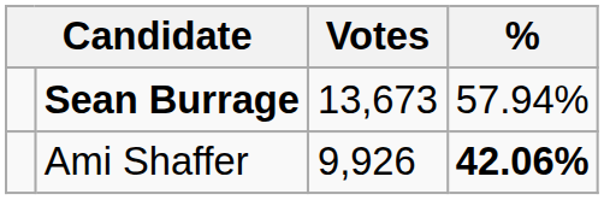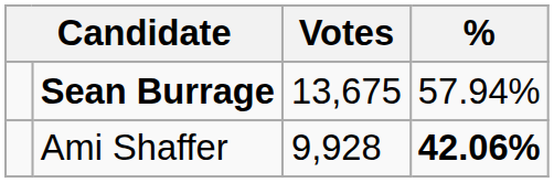 <table class="wikitable">
 <tr>
 <th colspan="2" rowspan="1" align="center" valign="top"><strong>Candidate</strong></th>
 <th valign="top"><strong>Votes</strong></th>
 <th valign="top"><strong>%</strong></th>
 </tr>
 <tr>
 <td style="background-color:"> </td>
 <td><strong>Sean Burrage</strong></td>
-<td>13,673</td>
+<td>13,675</td>
 <td>57.94%</td>
 </tr>
 <tr>
 <td style="background-color:"> </td>
 <td>Ami Shaffer</td>
-<td>9,926</td>
+<td>9,928</td>
 <td><strong>42.06%</strong></td>
 </tr>
 </table>
